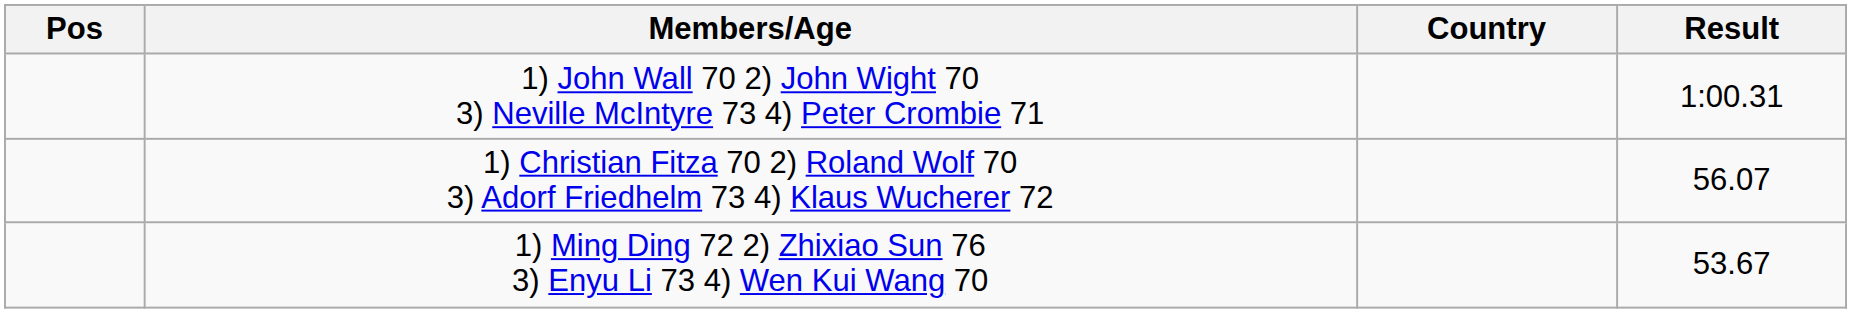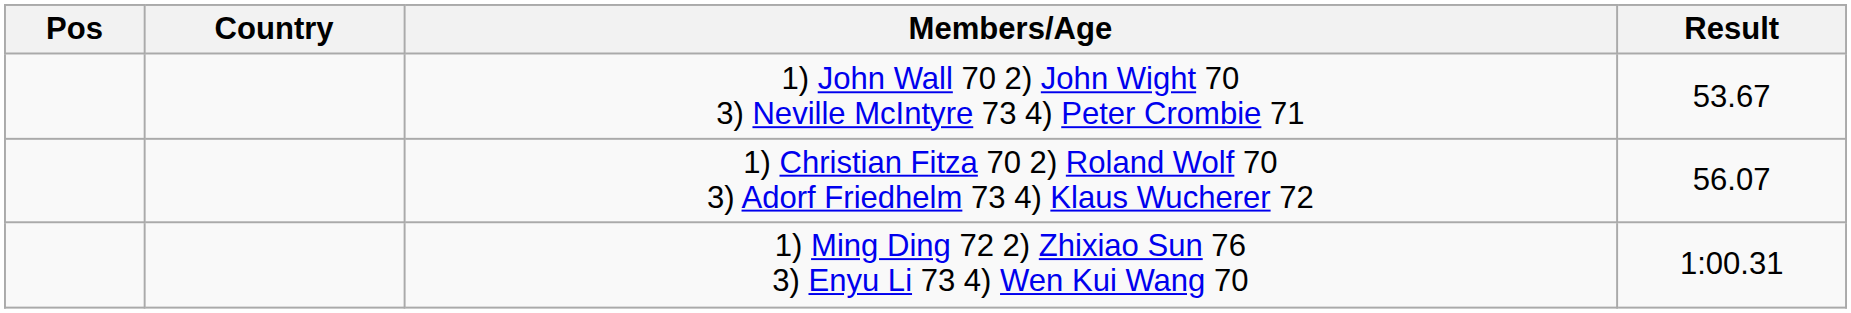 <table class="wikitable"  style="text-align:center; width:60%;">
 <tr>
 <th>Pos</th>
+<th>Country</th>
 <th>Members/Age</th>
-<th>Country</th>
 <th>Result</th>
 </tr>
 <tr>
 <td align=center></td>
+<td align=left></td>
 <td>1) <a href='#'>John Wall</a> 70 2) <a href='#'>John Wight</a> 70<br>3) <a href='#'>Neville McIntyre</a> 73 4) <a href='#'>Peter Crombie</a> 71</td>
-<td align=left></td>
-<td>1:00.31</td>
+<td>53.67</td>
 </tr>
 <tr>
 <td align=center></td>
+<td align=left></td>
 <td>1) <a href='#'>Christian Fitza</a> 70 2) <a href='#'>Roland Wolf</a> 70<br>3) <a href='#'>Adorf Friedhelm</a> 73 4) <a href='#'>Klaus Wucherer</a> 72</td>
-<td align=left></td>
 <td>56.07</td>
 </tr>
 <tr>
 <td align=center></td>
+<td align=left></td>
 <td>1) <a href='#'>Ming Ding</a> 72 2) <a href='#'>Zhixiao Sun</a> 76<br>3) <a href='#'>Enyu Li</a> 73 4) <a href='#'>Wen Kui Wang</a> 70</td>
-<td align=left></td>
-<td>53.67</td>
+<td>1:00.31</td>
 </tr>
 </table>
